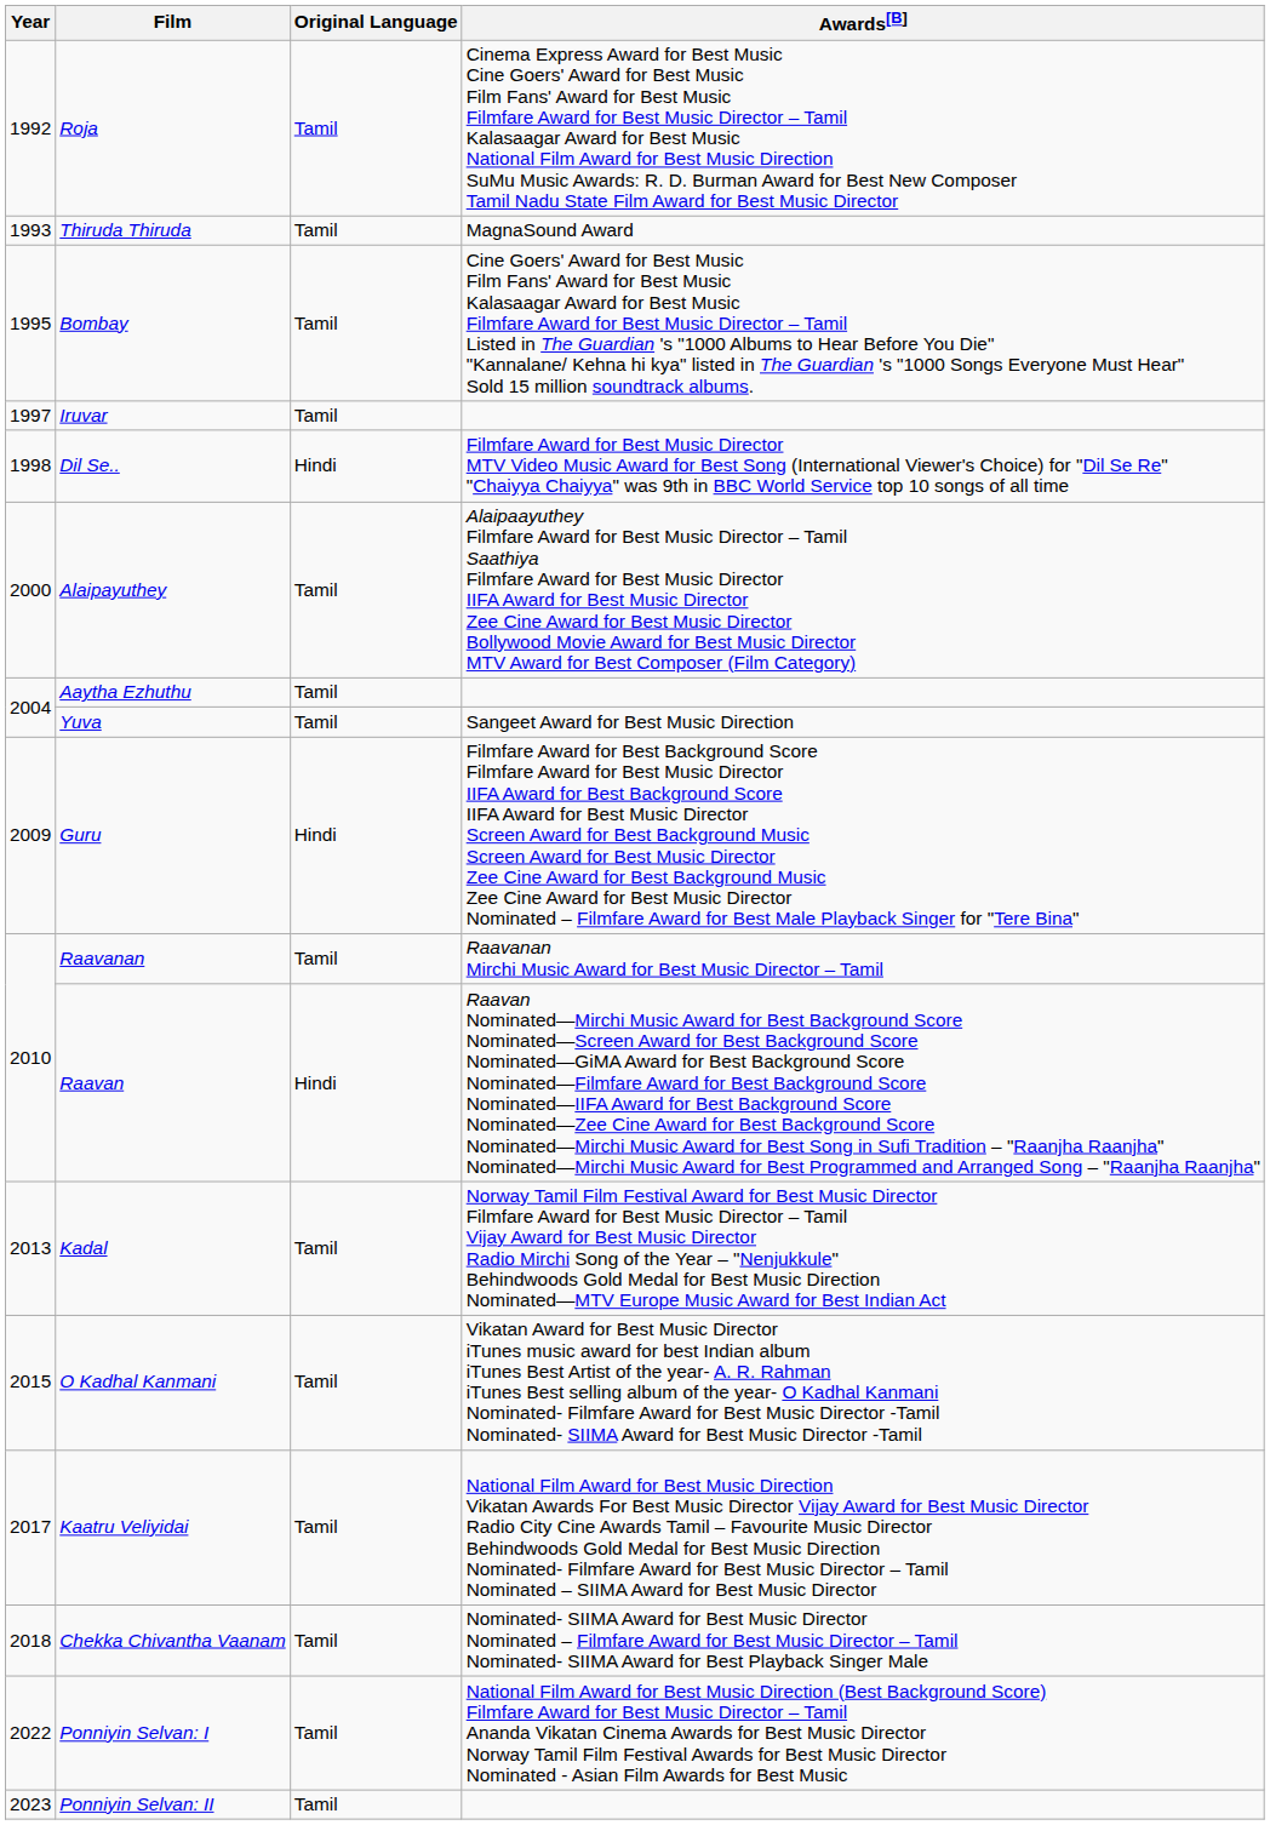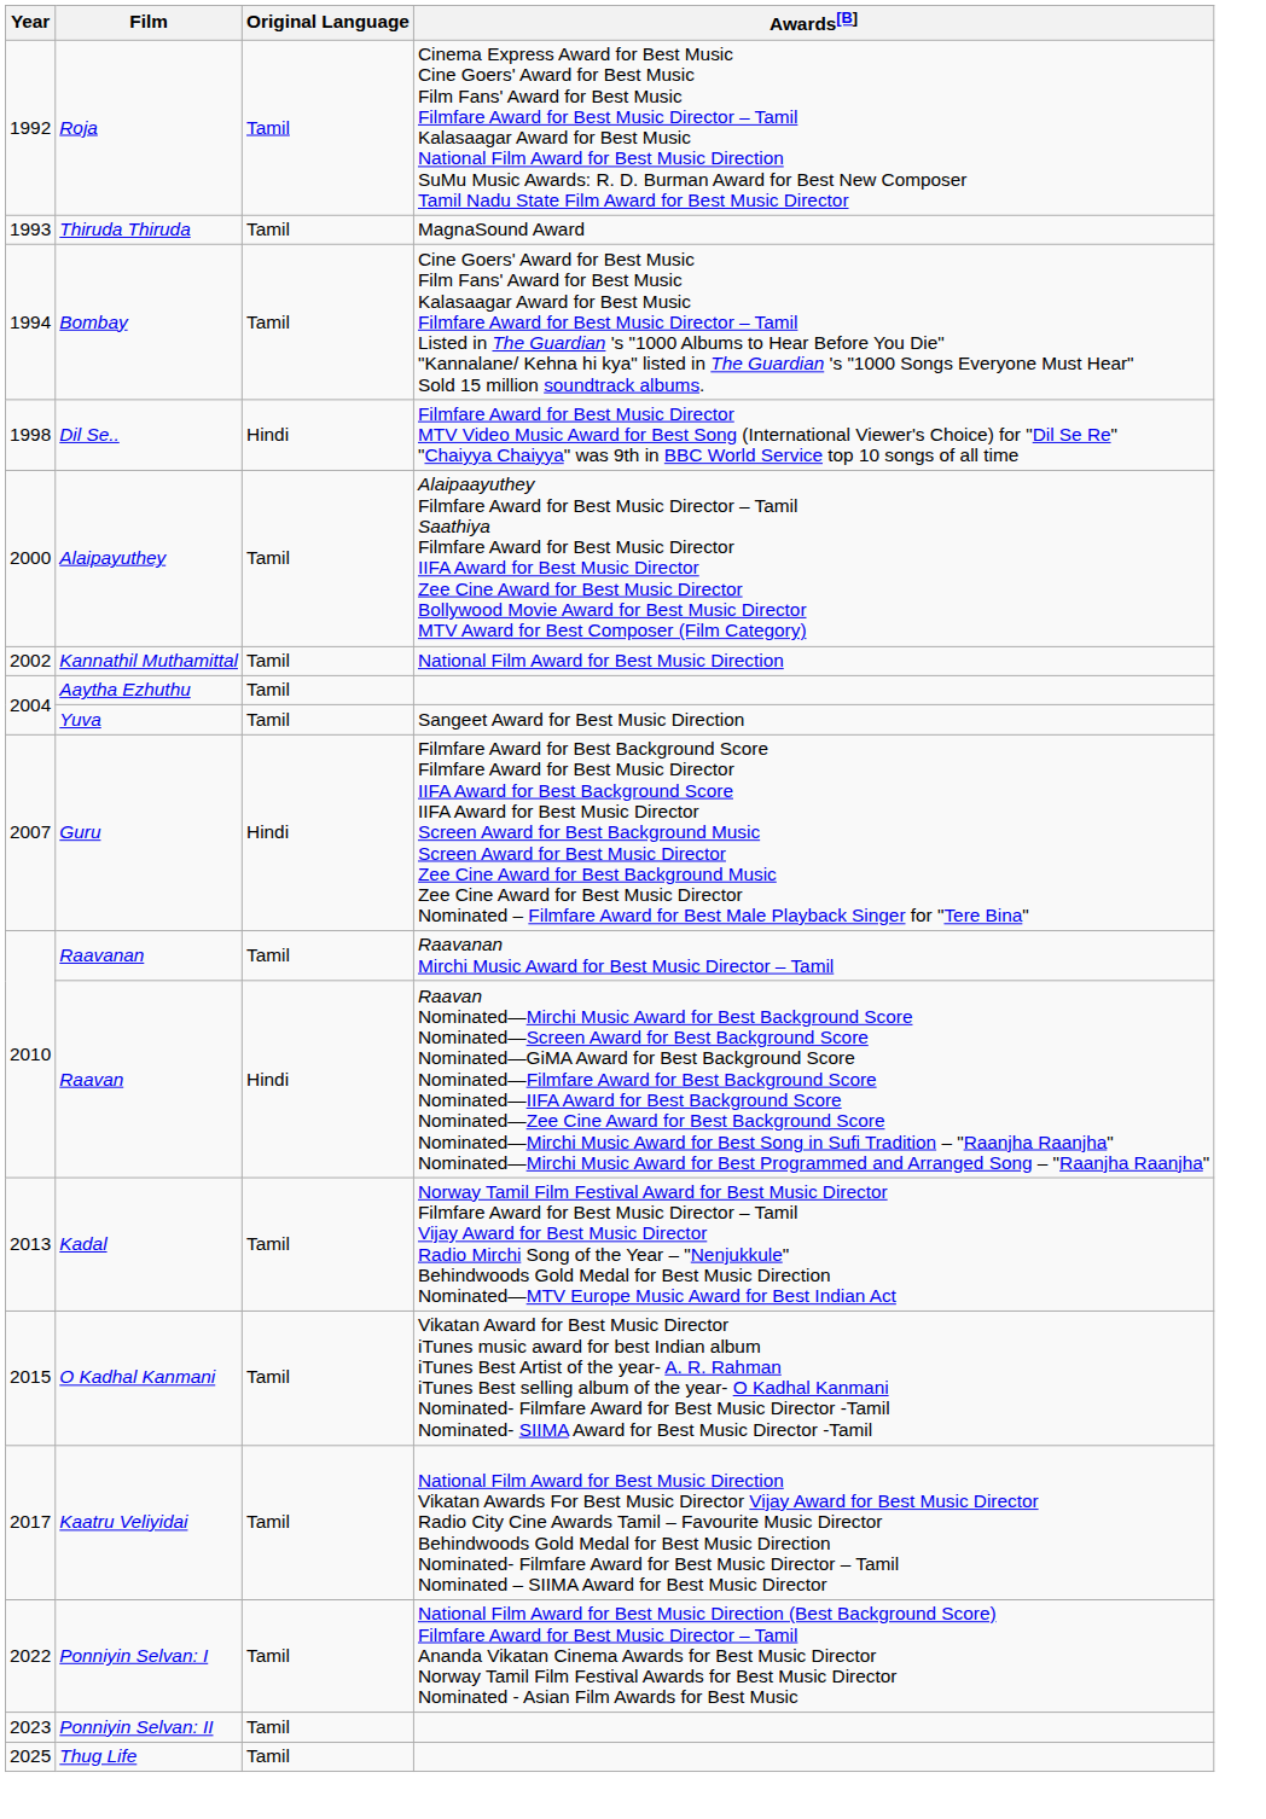 <table class="wikitable">
 <tr>
 <th>Year</th>
 <th>Film</th>
 <th>Original Language</th>
 <th>Awards<sup><a href='#'>[B</a>]</sup></th>
 </tr>
 <tr>
 <td>1992</td>
 <td><em><a href='#'>Roja</a></em></td>
 <td><a href='#'>Tamil</a></td>
 <td>Cinema Express Award for Best Music<br>Cine Goers' Award for Best Music<br>Film Fans' Award for Best Music<br><a href='#'>Filmfare Award for Best Music Director – Tamil</a><br>Kalasaagar Award for Best Music<br><a href='#'>National Film Award for Best Music Direction</a><br>SuMu Music Awards: R. D. Burman Award for Best New Composer<br><a href='#'>Tamil Nadu State Film Award for Best Music Director</a></td>
 </tr>
 <tr>
 <td>1993</td>
 <td><em><a href='#'>Thiruda Thiruda</a></em></td>
 <td>Tamil</td>
 <td>MagnaSound Award</td>
 </tr>
 <tr>
-<td>1995</td>
+<td>1994</td>
 <td><em><a href='#'>Bombay</a></em></td>
 <td>Tamil</td>
 <td>Cine Goers' Award for Best Music<br>Film Fans' Award for Best Music<br>Kalasaagar Award for Best Music<br><a href='#'>Filmfare Award for Best Music Director – Tamil</a><br>Listed in <em><a href='#'>The Guardian</a></em> 's "1000 Albums to Hear Before You Die"<br>"Kannalane/ Kehna hi kya" listed in <em><a href='#'>The Guardian</a></em> 's "1000 Songs Everyone Must Hear" <br>Sold 15 million <a href='#'>soundtrack albums</a>.</td>
-</tr>
-<tr>
-<td>1997</td>
-<td><em><a href='#'>Iruvar</a></em></td>
-<td>Tamil</td>
-<td></td>
 </tr>
 <tr>
 <td>1998</td>
 <td><em><a href='#'>Dil Se..</a></em></td>
 <td>Hindi</td>
 <td><a href='#'>Filmfare Award for Best Music Director</a><br><a href='#'>MTV Video Music Award for Best Song</a> (International Viewer's Choice) for "<a href='#'>Dil Se Re</a>"<br>"<a href='#'>Chaiyya Chaiyya</a>" was 9th in <a href='#'>BBC World Service</a> top 10 songs of all time</td>
 </tr>
 <tr>
 <td>2000</td>
 <td><em><a href='#'>Alaipayuthey</a></em></td>
 <td>Tamil</td>
 <td><em>Alaipaayuthey</em><br>Filmfare Award for Best Music Director – Tamil<br><em>Saathiya</em><br>Filmfare Award for Best Music Director<br><a href='#'>IIFA Award for Best Music Director</a><br><a href='#'>Zee Cine Award for Best Music Director</a><br><a href='#'>Bollywood Movie Award for Best Music Director</a><br><a href='#'>MTV Award for Best Composer (Film Category)</a></td>
 </tr>
 <tr>
+<td>2002</td>
+<td><em><a href='#'>Kannathil Muthamittal</a></em></td>
+<td>Tamil</td>
+<td><a href='#'>National Film Award for Best Music Direction</a></td>
+</tr>
+<tr>
 <td rowspan="2">2004</td>
 <td><em><a href='#'>Aaytha Ezhuthu</a></em></td>
 <td>Tamil</td>
 <td></td>
 </tr>
 <tr>
 <td><em><a href='#'>Yuva</a></em></td>
 <td>Tamil</td>
 <td>Sangeet Award for Best Music Direction</td>
 </tr>
 <tr>
-<td>2009</td>
+<td>2007</td>
 <td><em><a href='#'>Guru</a></em></td>
 <td>Hindi</td>
 <td>Filmfare Award for Best Background Score<br>Filmfare Award for Best Music Director<br><a href='#'>IIFA Award for Best Background Score</a><br>IIFA Award for Best Music Director<br><a href='#'>Screen Award for Best Background Music</a><br><a href='#'>Screen Award for Best Music Director</a><br><a href='#'>Zee Cine Award for Best Background Music</a><br>Zee Cine Award for Best Music Director<br>Nominated – <a href='#'>Filmfare Award for Best Male Playback Singer</a> for "<a href='#'>Tere Bina</a>"</td>
 </tr>
 <tr>
 <td rowspan="2">2010</td>
 <td><em><a href='#'>Raavanan</a></em></td>
 <td>Tamil</td>
 <td><em>Raavanan</em><br><a href='#'>Mirchi Music Award for Best Music Director – Tamil</a></td>
 </tr>
 <tr>
 <td><em><a href='#'>Raavan</a></em></td>
 <td>Hindi</td>
 <td><em>Raavan</em><br>Nominated—<a href='#'>Mirchi Music Award for Best Background Score</a><br>Nominated—<a href='#'>Screen Award for Best Background Score</a><br>Nominated—GiMA Award for Best Background Score<br>Nominated—<a href='#'>Filmfare Award for Best Background Score</a><br>Nominated—<a href='#'>IIFA Award for Best Background Score</a><br>Nominated—<a href='#'>Zee Cine Award for Best Background Score</a><br>Nominated—<a href='#'>Mirchi Music Award for Best Song in Sufi Tradition</a> – "<a href='#'>Raanjha Raanjha</a>"<br>Nominated—<a href='#'>Mirchi Music Award for Best Programmed and Arranged Song</a> – "<a href='#'>Raanjha Raanjha</a>"</td>
 </tr>
 <tr>
 <td>2013</td>
 <td><em><a href='#'>Kadal</a></em></td>
 <td>Tamil</td>
 <td><a href='#'>Norway Tamil Film Festival Award for Best Music Director</a><br>Filmfare Award for Best Music Director – Tamil<br><a href='#'>Vijay Award for Best Music Director</a><br><a href='#'>Radio Mirchi</a> Song of the Year – "<a href='#'>Nenjukkule</a>"<br>Behindwoods Gold Medal for Best Music Direction<br>Nominated—<a href='#'>MTV Europe Music Award for Best Indian Act</a></td>
 </tr>
 <tr>
 <td>2015</td>
 <td><em><a href='#'>O Kadhal Kanmani</a></em></td>
 <td>Tamil</td>
 <td>Vikatan Award for Best Music Director<br>iTunes music award for best Indian album<br>iTunes Best Artist of the year- <a href='#'>A. R. Rahman</a><br>iTunes Best selling album of the year- <a href='#'>O Kadhal Kanmani</a><br>Nominated- Filmfare Award for Best Music Director -Tamil<br> Nominated- <a href='#'>SIIMA</a> Award for Best Music Director -Tamil</td>
 </tr>
 <tr>
 <td>2017</td>
 <td><em><a href='#'>Kaatru Veliyidai</a></em></td>
 <td>Tamil</td>
 <td><br><a href='#'>National Film Award for Best Music Direction</a><br> Vikatan Awards For Best Music Director <a href='#'>Vijay Award for Best Music Director</a><br> Radio City Cine Awards Tamil – Favourite Music Director<br> Behindwoods Gold Medal for Best Music Direction<br> Nominated- Filmfare Award for Best Music Director – Tamil<br> Nominated – SIIMA Award for Best Music Director<br></td>
 </tr>
 <tr>
-<td>2018</td>
-<td><em><a href='#'>Chekka Chivantha Vaanam</a></em></td>
-<td>Tamil</td>
-<td>Nominated- SIIMA Award for Best Music Director<br>Nominated – <a href='#'>Filmfare Award for Best Music Director – Tamil</a><br> Nominated- SIIMA Award for Best Playback Singer Male</td>
-</tr>
-<tr>
 <td>2022</td>
 <td><em><a href='#'>Ponniyin Selvan: I</a></em></td>
 <td>Tamil</td>
 <td><a href='#'>National Film Award for Best Music Direction (Best Background Score)</a><br><a href='#'>Filmfare Award for Best Music Director – Tamil</a><br>Ananda Vikatan Cinema Awards for Best Music Director<br>Norway Tamil Film Festival Awards for Best Music Director<br>Nominated - Asian Film Awards for Best Music</td>
 </tr>
 <tr>
 <td>2023</td>
 <td><em><a href='#'>Ponniyin Selvan: II</a></em></td>
 <td>Tamil</td>
 <td></td>
 </tr>
+<tr>
+<td>2025</td>
+<td><a href='#'><em>Thug Life</em></a></td>
+<td>Tamil</td>
+<td></td>
+</tr>
 </table>
